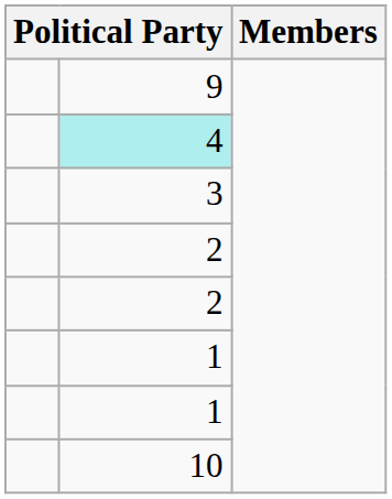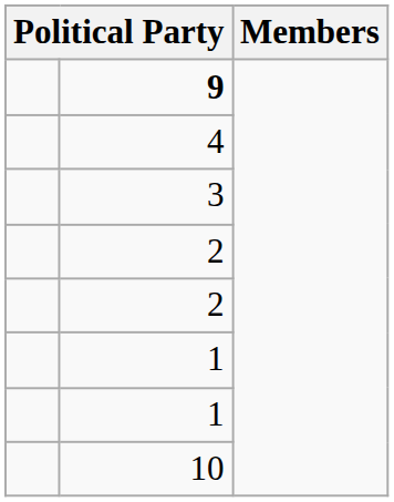 <table class=wikitable>
 <tr>
 <th colspan="2">Political Party</th>
 <th>Members</th>
 </tr>
 <tr>
 <td></td>
-<td align="right">9</td>
+<td align="right"><strong>9</strong></td>
 </tr>
 <tr>
 <td></td>
-<td align="right" style="background: paleturquoise;">4</td>
+<td align="right">4</td>
 </tr>
 <tr>
 <td></td>
 <td align="right">3</td>
 </tr>
 <tr>
 <td></td>
 <td align="right">2</td>
 </tr>
 <tr>
 <td></td>
 <td align="right">2</td>
 </tr>
 <tr>
 <td></td>
 <td align="right">1</td>
 </tr>
 <tr>
 <td></td>
 <td align="right">1</td>
 </tr>
 <tr>
 <td></td>
 <td align="right">10</td>
 </tr>
 </table>
